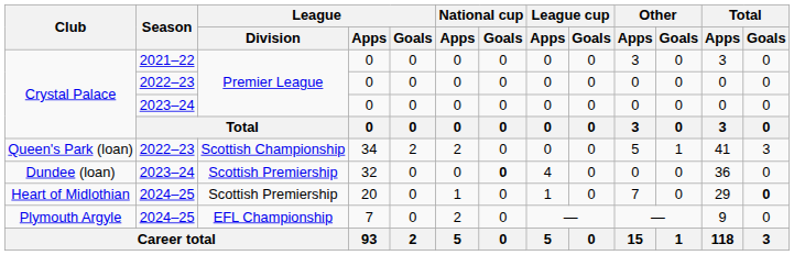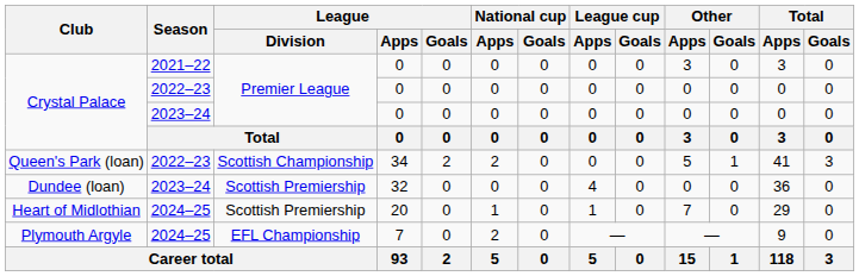 <table class="wikitable" style="text-align: center;">
 <tr>
 <th rowspan=2>Club</th>
 <th rowspan=2>Season</th>
 <th colspan=3>League</th>
 <th colspan=2>National cup</th>
 <th colspan=2>League cup</th>
 <th colspan=2>Other</th>
 <th colspan=2>Total</th>
 </tr>
 <tr>
 <th>Division</th>
 <th>Apps</th>
 <th>Goals</th>
 <th>Apps</th>
 <th>Goals</th>
 <th>Apps</th>
 <th>Goals</th>
 <th>Apps</th>
 <th>Goals</th>
 <th>Apps</th>
 <th>Goals</th>
 </tr>
 <tr>
 <td rowspan="4"><a href='#'>Crystal Palace</a></td>
 <td><a href='#'>2021–22</a></td>
 <td rowspan="3"><a href='#'>Premier League</a></td>
 <td>0</td>
 <td>0</td>
 <td>0</td>
 <td>0</td>
 <td>0</td>
 <td>0</td>
 <td>3</td>
 <td>0</td>
 <td>3</td>
 <td>0</td>
 </tr>
 <tr>
 <td><a href='#'>2022–23</a></td>
 <td>0</td>
 <td>0</td>
 <td>0</td>
 <td>0</td>
 <td>0</td>
 <td>0</td>
 <td>0</td>
 <td>0</td>
 <td>0</td>
 <td>0</td>
 </tr>
 <tr>
 <td><a href='#'>2023–24</a></td>
 <td>0</td>
 <td>0</td>
 <td>0</td>
 <td>0</td>
 <td>0</td>
 <td>0</td>
 <td>0</td>
 <td>0</td>
 <td>0</td>
 <td>0</td>
 </tr>
 <tr>
 <th colspan="2">Total</th>
 <th>0</th>
 <th>0</th>
 <th>0</th>
 <th>0</th>
 <th>0</th>
 <th>0</th>
 <th>3</th>
 <th>0</th>
 <th>3</th>
 <th>0</th>
 </tr>
 <tr>
 <td><a href='#'>Queen's Park</a> (loan)</td>
 <td><a href='#'>2022–23</a></td>
 <td><a href='#'>Scottish Championship</a></td>
 <td>34</td>
 <td>2</td>
 <td>2</td>
 <td>0</td>
 <td>0</td>
 <td>0</td>
 <td>5</td>
 <td>1</td>
 <td>41</td>
 <td>3</td>
 </tr>
 <tr>
 <td><a href='#'>Dundee</a> (loan)</td>
 <td><a href='#'>2023–24</a></td>
 <td><a href='#'>Scottish Premiership</a></td>
 <td>32</td>
 <td>0</td>
 <td>0</td>
-<td><strong>0</strong></td>
+<td>0</td>
 <td>4</td>
 <td>0</td>
 <td>0</td>
 <td>0</td>
 <td>36</td>
 <td>0</td>
 </tr>
 <tr>
 <td><a href='#'>Heart of Midlothian</a></td>
 <td><a href='#'>2024–25</a></td>
 <td>Scottish Premiership</td>
 <td>20</td>
 <td>0</td>
 <td>1</td>
 <td>0</td>
 <td>1</td>
 <td>0</td>
 <td>7</td>
 <td>0</td>
 <td>29</td>
-<td><strong>0</strong></td>
+<td>0</td>
 </tr>
 <tr>
 <td><a href='#'>Plymouth Argyle</a></td>
 <td><a href='#'>2024–25</a></td>
 <td><a href='#'>EFL Championship</a></td>
 <td>7</td>
 <td>0</td>
 <td>2</td>
 <td>0</td>
 <td colspan="2">—</td>
 <td colspan="2">—</td>
 <td>9</td>
 <td>0</td>
 </tr>
 <tr>
 <th colspan="3">Career total</th>
 <th>93</th>
 <th>2</th>
 <th>5</th>
 <th>0</th>
 <th>5</th>
 <th>0</th>
 <th>15</th>
 <th>1</th>
 <th>118</th>
 <th>3</th>
 </tr>
 </table>
